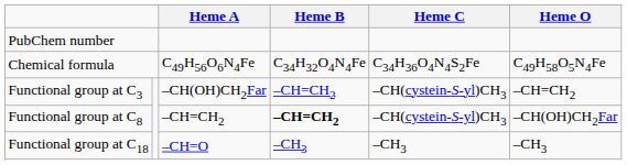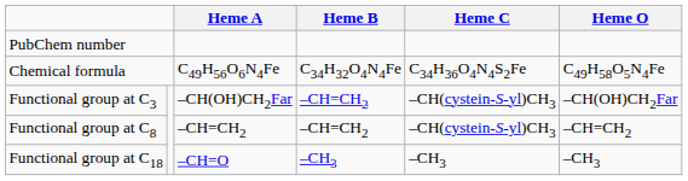 <table class="wikitable skin-invert-image">
 <tr>
 <td colspan=2></td>
 <th><a href='#'>Heme A</a></th>
 <th><a href='#'>Heme B</a></th>
 <th><a href='#'>Heme C</a></th>
 <th><a href='#'>Heme O</a></th>
 </tr>
 <tr>
 <td colspan=2>PubChem number</td>
 <td></td>
 <td></td>
 <td></td>
 <td></td>
 </tr>
 <tr>
 <td colspan=2>Chemical formula</td>
 <td>C<sub>49</sub>H<sub>56</sub>O<sub>6</sub>N<sub>4</sub>Fe</td>
 <td>C<sub>34</sub>H<sub>32</sub>O<sub>4</sub>N<sub>4</sub>Fe</td>
 <td>C<sub>34</sub>H<sub>36</sub>O<sub>4</sub>N<sub>4</sub>S<sub>2</sub>Fe</td>
 <td>C<sub>49</sub>H<sub>58</sub>O<sub>5</sub>N<sub>4</sub>Fe</td>
 </tr>
 <tr>
 <td>Functional group at C<sub>3</sub></td>
 <td rowspan=3></td>
 <td>–CH(OH)CH<sub>2</sub><a href='#'>Far</a></td>
 <td><a href='#'>–CH=CH<sub>2</sub></a></td>
 <td>–CH(<a href='#'>cystein-<em>S</em>-yl</a>)CH<sub>3</sub></td>
-<td>–CH=CH<sub>2</sub></td>
+<td>–CH(OH)CH<sub>2</sub><a href='#'>Far</a></td>
 </tr>
 <tr>
 <td>Functional group at C<sub>8</sub></td>
 <td>–CH=CH<sub>2</sub></td>
-<td><strong>–CH=CH<sub>2</sub></strong></td>
+<td>–CH=CH<sub>2</sub></td>
 <td>–CH(<a href='#'>cystein-<em>S</em>-yl</a>)CH<sub>3</sub></td>
-<td>–CH(OH)CH<sub>2</sub><a href='#'>Far</a></td>
+<td>–CH=CH<sub>2</sub></td>
 </tr>
 <tr>
 <td>Functional group at C<sub>18</sub></td>
 <td><a href='#'>–CH=O</a></td>
 <td><a href='#'>–CH<sub>3</sub></a></td>
 <td>–CH<sub>3</sub></td>
 <td>–CH<sub>3</sub></td>
 </tr>
 </table>
